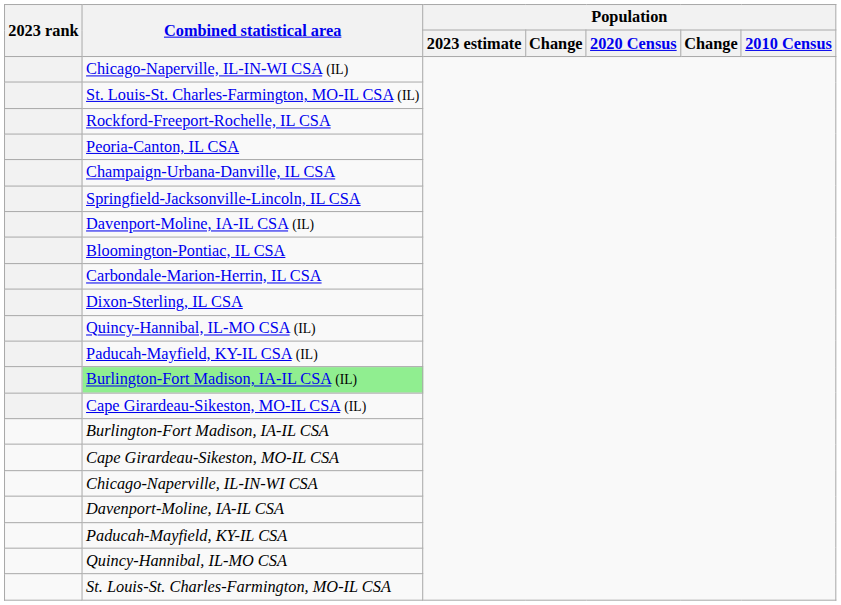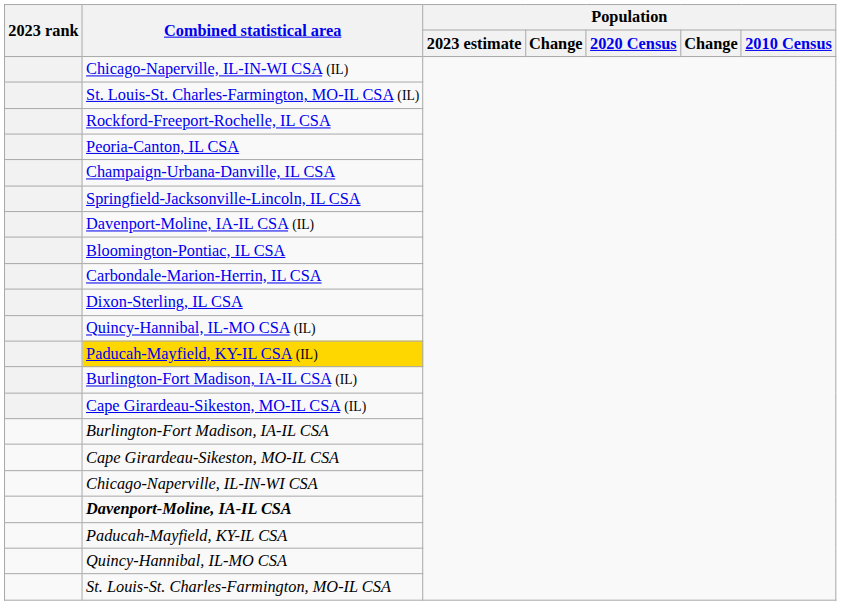 <table class="wikitable sortable">
 <tr>
 <th scope=col rowspan=2>2023 rank</th>
 <th scope=col rowspan=2><a href='#'>Combined statistical area</a></th>
 <th colspan=5>Population</th>
 </tr>
 <tr>
 <th scope=col>2023 estimate</th>
 <th scope=col>Change</th>
 <th scope=col><a href='#'>2020 Census</a></th>
 <th scope=col>Change</th>
 <th scope=col><a href='#'>2010 Census</a></th>
 </tr>
 <tr>
 <th scope=row></th>
 <td><a href='#'>Chicago-Naperville, IL-IN-WI CSA</a> <small>(IL)</small><br></td>
 </tr>
 <tr>
 <th scope=row></th>
 <td><a href='#'>St. Louis-St. Charles-Farmington, MO-IL CSA</a> <small>(IL)</small><br></td>
 </tr>
 <tr>
 <th scope=row></th>
 <td><a href='#'>Rockford-Freeport-Rochelle, IL CSA</a><br></td>
 </tr>
 <tr>
 <th scope=row></th>
 <td><a href='#'>Peoria-Canton, IL CSA</a><br></td>
 </tr>
 <tr>
 <th scope=row></th>
 <td><a href='#'>Champaign-Urbana-Danville, IL CSA</a><br></td>
 </tr>
 <tr>
 <th scope=row></th>
 <td><a href='#'>Springfield-Jacksonville-Lincoln, IL CSA</a><br></td>
 </tr>
 <tr>
 <th scope=row></th>
 <td><a href='#'>Davenport-Moline, IA-IL CSA</a> <small>(IL)</small><br></td>
 </tr>
 <tr>
 <th scope=row></th>
 <td><a href='#'>Bloomington-Pontiac, IL CSA</a><br></td>
 </tr>
 <tr>
 <th scope=row></th>
 <td><a href='#'>Carbondale-Marion-Herrin, IL CSA</a><br></td>
 </tr>
 <tr>
 <th scope=row></th>
 <td><a href='#'>Dixon-Sterling, IL CSA</a><br></td>
 </tr>
 <tr>
 <th scope=row></th>
 <td><a href='#'>Quincy-Hannibal, IL-MO CSA</a> <small>(IL)</small><br></td>
 </tr>
 <tr>
 <th scope=row></th>
-<td><a href='#'>Paducah-Mayfield, KY-IL CSA</a> <small>(IL)</small><br></td>
+<td style="background: gold;"><a href='#'>Paducah-Mayfield, KY-IL CSA</a> <small>(IL)</small><br></td>
 </tr>
 <tr>
 <th scope=row></th>
-<td style="background: lightgreen;"><a href='#'>Burlington-Fort Madison, IA-IL CSA</a> <small>(IL)</small><br></td>
+<td><a href='#'>Burlington-Fort Madison, IA-IL CSA</a> <small>(IL)</small><br></td>
 </tr>
 <tr>
 <th scope=row></th>
 <td><a href='#'>Cape Girardeau-Sikeston, MO-IL CSA</a> <small>(IL)</small><br></td>
 </tr>
 <tr>
 <td></td>
 <td><em><span>Burlington-Fort Madison, IA-IL CSA</span></em><br></td>
 </tr>
 <tr>
 <td></td>
 <td><em><span>Cape Girardeau-Sikeston, MO-IL CSA</span></em><br></td>
 </tr>
 <tr>
 <td></td>
 <td><em><span>Chicago-Naperville, IL-IN-WI CSA</span></em><br></td>
 </tr>
 <tr>
 <td></td>
-<td><em><span>Davenport-Moline, IA-IL CSA</span></em><br></td>
+<td><strong><em><span>Davenport-Moline, IA-IL CSA</span></em><br></strong></td>
 </tr>
 <tr>
 <td></td>
 <td><em><span>Paducah-Mayfield, KY-IL CSA</span></em><br></td>
 </tr>
 <tr>
 <td></td>
 <td><em><span>Quincy-Hannibal, IL-MO CSA</span></em><br></td>
 </tr>
 <tr>
 <td></td>
 <td><em><span>St. Louis-St. Charles-Farmington, MO-IL CSA</span></em><br></td>
 </tr>
 </table>
